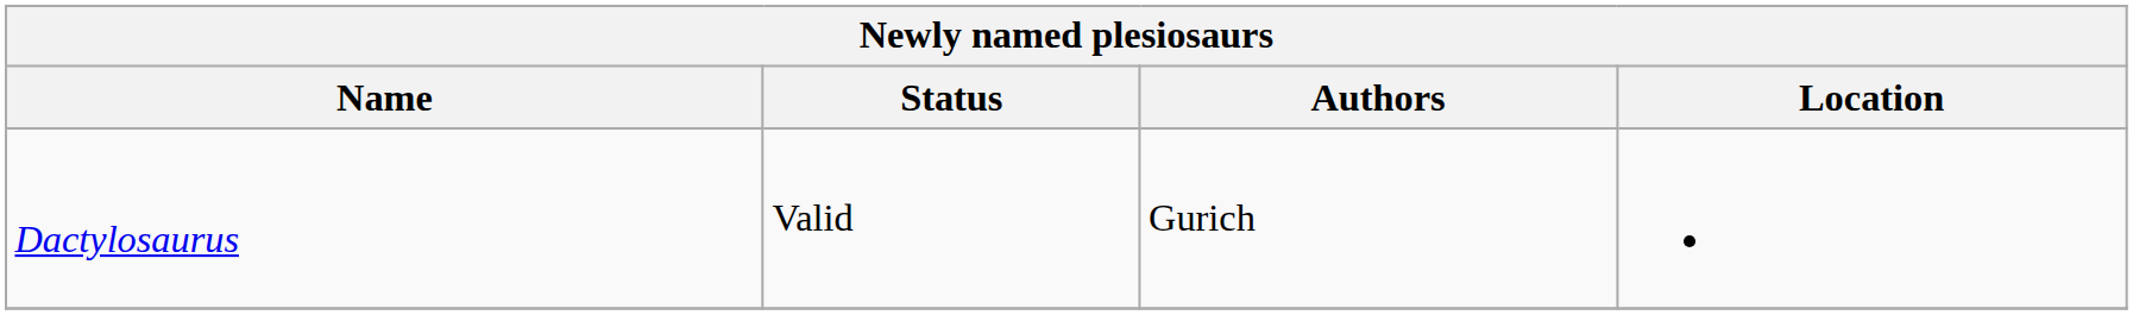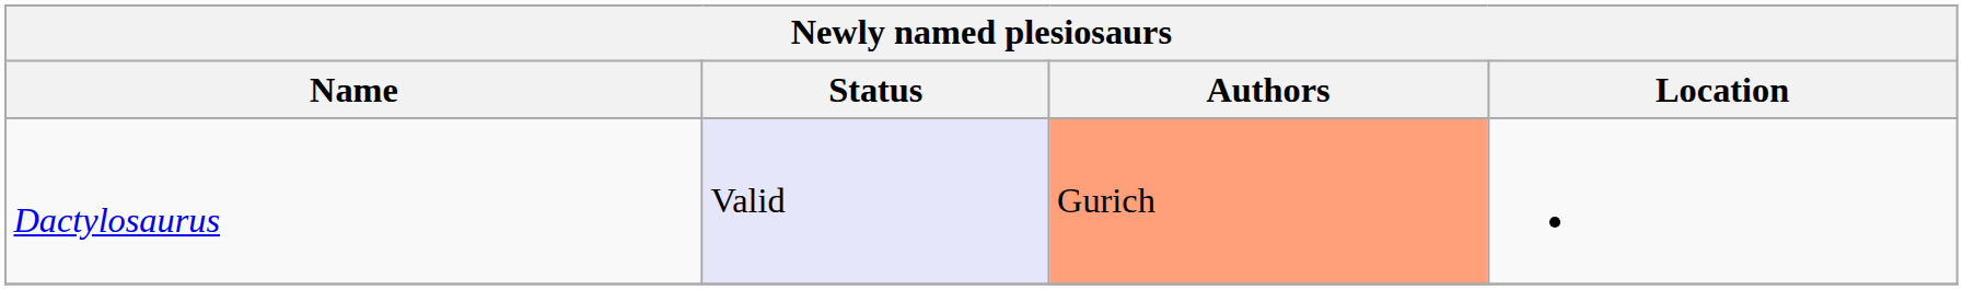 <table class="wikitable sortable" align="center" width="100%">
 <tr>
 <th colspan="9">Newly named plesiosaurs</th>
 </tr>
 <tr>
 <th>Name</th>
 <th>Status</th>
 <th>Authors</th>
 <th>Location</th>
 </tr>
 <tr>
 <td><br><em><a href='#'>Dactylosaurus</a></em></td>
-<td>Valid</td>
-<td>Gurich</td>
+<td style="background: lavender;">Valid</td>
+<td style="background: lightsalmon;">Gurich</td>
 <td><br><ul><li></li></ul></td>
 </tr>
 <tr>
 </tr>
 </table>
